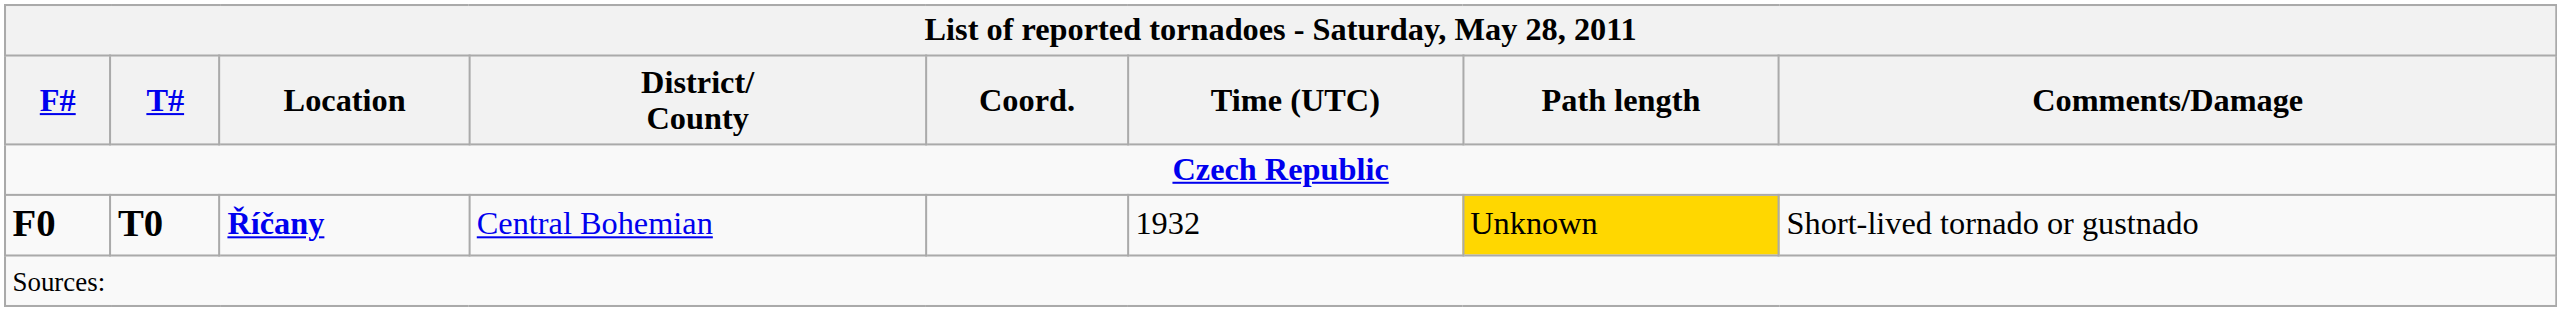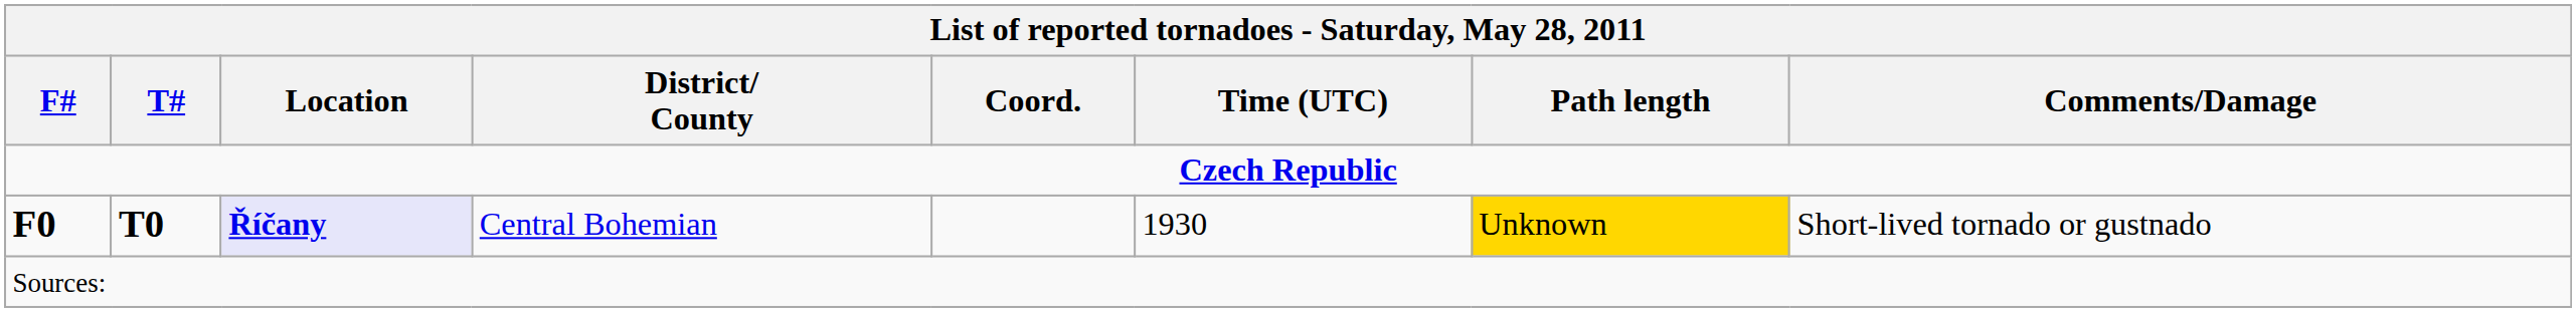 <table class="wikitable collapsible" width="100%">
 <tr>
 <th colspan="8">List of reported tornadoes - Saturday, May 28, 2011</th>
 </tr>
 <tr>
 <th><a href='#'>F#</a></th>
 <th><a href='#'>T#</a></th>
 <th>Location</th>
 <th>District/<br>County</th>
 <th>Coord.</th>
 <th>Time (UTC)</th>
 <th>Path length</th>
 <th>Comments/Damage</th>
 </tr>
 <tr>
 <td colspan="8" align=center><strong><a href='#'>Czech Republic</a></strong></td>
 </tr>
 <tr>
 <td><big><strong>F0</strong></big></td>
 <td><big><strong>T0</strong></big></td>
-<td><strong><a href='#'>Říčany</a></strong></td>
+<td style="background: lavender;"><strong><a href='#'>Říčany</a></strong></td>
 <td><a href='#'>Central Bohemian</a></td>
 <td></td>
-<td>1932</td>
+<td>1930</td>
 <td style="background: gold;">Unknown</td>
 <td>Short-lived tornado or gustnado</td>
 </tr>
 <tr>
 <td colspan="8"><small>Sources:  </small></td>
 </tr>
 </table>
